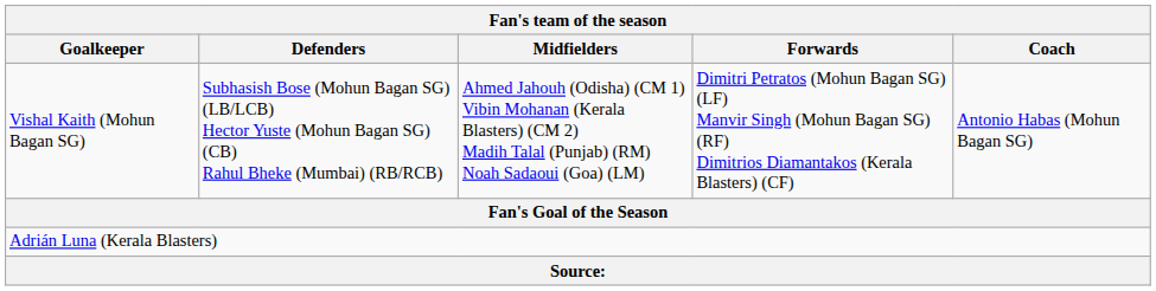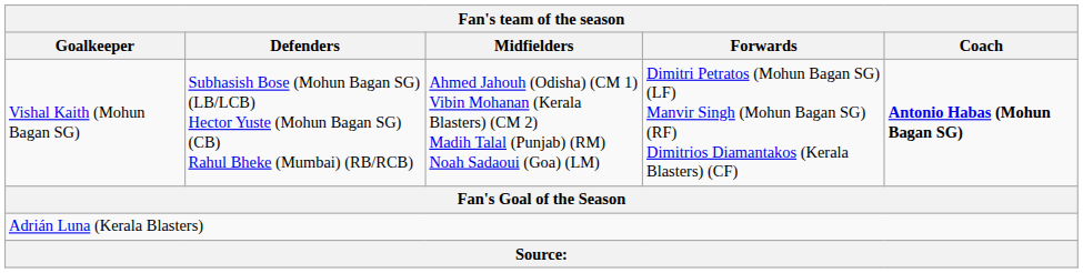 <table class="wikitable collapsible" style="text-align: left; font-size:small;">
 <tr>
 <th colspan="5">Fan's team of the season</th>
 </tr>
 <tr>
 <th>Goalkeeper</th>
 <th>Defenders</th>
 <th>Midfielders</th>
 <th>Forwards</th>
 <th>Coach</th>
 </tr>
 <tr>
 <td> <a href='#'>Vishal Kaith</a> (Mohun Bagan SG)</td>
 <td> <a href='#'>Subhasish Bose</a> (Mohun Bagan SG) (LB/LCB)<br> <a href='#'>Hector Yuste</a> (Mohun Bagan SG) (CB)<br> <a href='#'>Rahul Bheke</a> (Mumbai) (RB/RCB)</td>
 <td> <a href='#'>Ahmed Jahouh</a> (Odisha) (CM 1)<br> <a href='#'>Vibin Mohanan</a> (Kerala Blasters) (CM 2)<br> <a href='#'>Madih Talal</a> (Punjab) (RM)<br> <a href='#'>Noah Sadaoui</a> (Goa) (LM)</td>
 <td> <a href='#'>Dimitri Petratos</a> (Mohun Bagan SG) (LF)<br> <a href='#'>Manvir Singh</a> (Mohun Bagan SG) (RF)<br> <a href='#'>Dimitrios Diamantakos</a> (Kerala Blasters) (CF)</td>
-<td> <a href='#'>Antonio Habas</a> (Mohun Bagan SG)</td>
+<td><strong> <a href='#'>Antonio Habas</a> (Mohun Bagan SG)</strong></td>
 </tr>
 <tr>
 <th colspan="5">Fan's Goal of the Season</th>
 </tr>
 <tr>
 <td colspan="5"> <a href='#'>Adrián Luna</a> (Kerala Blasters)</td>
 </tr>
 <tr>
 <th colspan="5">Source: </th>
 </tr>
 </table>
